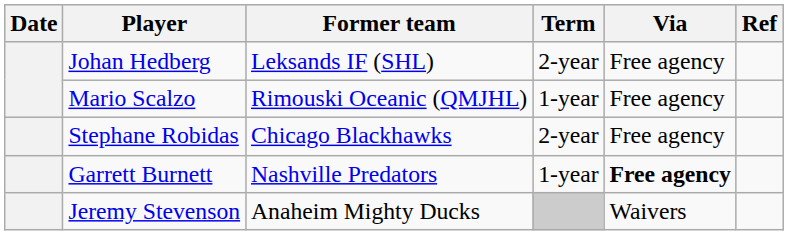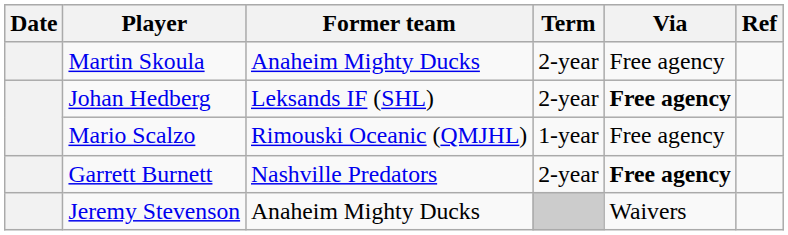 <table class="wikitable plainrowheaders">
 <tr style="background:#ddd; text-align:center;">
 <th>Date</th>
 <th>Player</th>
 <th>Former team</th>
 <th>Term</th>
 <th>Via</th>
 <th>Ref</th>
 </tr>
 <tr>
+<th scope="row"></th>
+<td><a href='#'>Martin Skoula</a></td>
+<td><a href='#'>Anaheim Mighty Ducks</a></td>
+<td>2-year</td>
+<td>Free agency</td>
+<td></td>
+</tr>
+<tr>
 <th scope="row" rowspan=2></th>
 <td><a href='#'>Johan Hedberg</a></td>
 <td><a href='#'>Leksands IF</a> (<a href='#'>SHL</a>)</td>
 <td>2-year</td>
-<td>Free agency</td>
+<td><strong>Free agency</strong></td>
 <td></td>
 </tr>
 <tr>
 <td><a href='#'>Mario Scalzo</a></td>
 <td><a href='#'>Rimouski Oceanic</a> (<a href='#'>QMJHL</a>)</td>
 <td>1-year</td>
 <td>Free agency</td>
 <td></td>
 </tr>
 <tr>
 <th scope="row"></th>
-<td><a href='#'>Stephane Robidas</a></td>
-<td><a href='#'>Chicago Blackhawks</a></td>
-<td>2-year</td>
-<td>Free agency</td>
-<td></td>
-</tr>
-<tr>
-<th scope="row"></th>
 <td><a href='#'>Garrett Burnett</a></td>
 <td><a href='#'>Nashville Predators</a></td>
-<td>1-year</td>
+<td>2-year</td>
 <td><strong>Free agency</strong></td>
 <td></td>
 </tr>
 <tr>
 <th scope="row"></th>
 <td><a href='#'>Jeremy Stevenson</a></td>
 <td>Anaheim Mighty Ducks</td>
 <td style="background:#ccc"></td>
 <td>Waivers</td>
 <td></td>
 </tr>
 </table>
